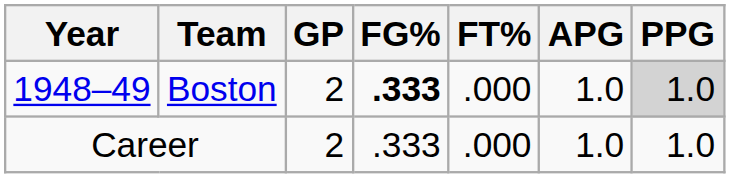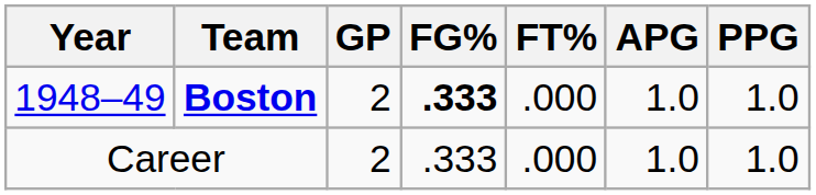 <table class="wikitable sortable" style="font-size:95%; text-align:right;">
 <tr>
 <th>Year</th>
 <th>Team</th>
 <th>GP</th>
 <th>FG%</th>
 <th>FT%</th>
 <th>APG</th>
 <th>PPG</th>
 </tr>
 <tr>
 <td style="text-align:left;"><a href='#'>1948–49</a></td>
-<td style="text-align:left;"><a href='#'>Boston</a></td>
+<td style="text-align:left;"><strong><a href='#'>Boston</a></strong></td>
 <td>2</td>
 <td><strong>.333</strong></td>
 <td>.000</td>
 <td>1.0</td>
-<td style="background: lightgrey;">1.0</td>
+<td>1.0</td>
 </tr>
 <tr>
 <td style="text-align:center;" colspan="2">Career</td>
 <td>2</td>
 <td>.333</td>
 <td>.000</td>
 <td>1.0</td>
 <td>1.0</td>
 </tr>
 </table>
